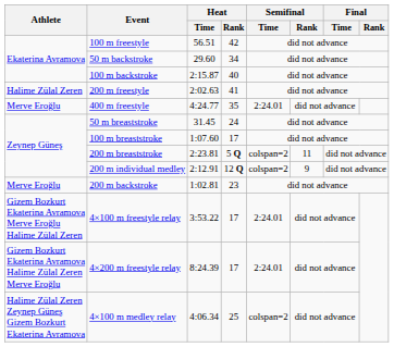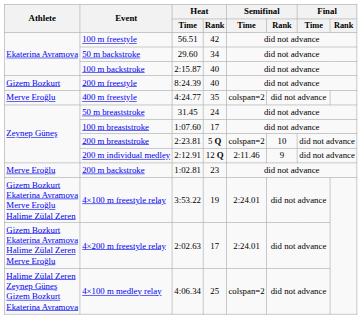 <table class=wikitable style="font-size:90%">
 <tr>
 <th rowspan="2">Athlete</th>
 <th rowspan="2">Event</th>
 <th colspan="2">Heat</th>
 <th colspan="2">Semifinal</th>
 <th colspan="2">Final</th>
 </tr>
 <tr style="font-size:95%">
 <th>Time</th>
 <th>Rank</th>
 <th>Time</th>
 <th>Rank</th>
 <th>Time</th>
 <th>Rank</th>
 </tr>
 <tr align=center>
 <td align=left rowspan=3><a href='#'>Ekaterina Avramova</a></td>
 <td align=left><a href='#'>100 m freestyle</a></td>
 <td>56.51</td>
 <td>42</td>
 <td colspan=4>did not advance</td>
 </tr>
 <tr align=center>
 <td align=left><a href='#'>50 m backstroke</a></td>
 <td>29.60</td>
 <td>34</td>
 <td colspan=4>did not advance</td>
 </tr>
 <tr align=center>
 <td align=left><a href='#'>100 m backstroke</a></td>
 <td>2:15.87</td>
 <td>40</td>
 <td colspan=4>did not advance</td>
 </tr>
 <tr align=center>
-<td align=left><a href='#'>Halime Zülal Zeren</a></td>
+<td align=left><a href='#'>Gizem Bozkurt</a></td>
 <td align=left><a href='#'>200 m freestyle</a></td>
-<td>2:02.63</td>
-<td>41</td>
+<td>8:24.39</td>
+<td>40</td>
 <td colspan=4>did not advance</td>
 </tr>
 <tr align=center>
 <td align=left><a href='#'>Merve Eroğlu</a></td>
 <td align=left><a href='#'>400 m freestyle</a></td>
 <td>4:24.77</td>
 <td>35</td>
-<td>2:24.01</td>
+<td>colspan=2 </td>
 <td colspan=2>did not advance</td>
 </tr>
 <tr align=center>
 <td align=left rowspan=4><a href='#'>Zeynep Güneş</a></td>
 <td align=left><a href='#'>50 m breaststroke</a></td>
 <td>31.45</td>
 <td>24</td>
 <td colspan=4>did not advance</td>
 </tr>
 <tr align=center>
 <td align=left><a href='#'>100 m breaststroke</a></td>
 <td>1:07.60</td>
 <td>17</td>
 <td colspan=4>did not advance</td>
 </tr>
 <tr align=center>
 <td align=left><a href='#'>200 m breaststroke</a></td>
 <td>2:23.81</td>
 <td>5 <strong>Q</strong></td>
 <td>colspan=2 </td>
-<td>11</td>
+<td>10</td>
 <td colspan=2>did not advance</td>
 </tr>
 <tr align=center>
 <td align=left><a href='#'>200 m individual medley</a></td>
 <td>2:12.91</td>
 <td>12 <strong>Q</strong></td>
-<td>colspan=2 </td>
+<td>2:11.46</td>
 <td>9</td>
 <td colspan=2>did not advance</td>
 </tr>
 <tr align=center>
 <td align=left><a href='#'>Merve Eroğlu</a></td>
 <td align=left><a href='#'>200 m backstroke</a></td>
 <td>1:02.81</td>
 <td>23</td>
 <td colspan=4>did not advance</td>
 </tr>
 <tr align=center>
 <td align=left><a href='#'>Gizem Bozkurt</a><br><a href='#'>Ekaterina Avramova</a><br><a href='#'>Merve Eroğlu</a><br><a href='#'>Halime Zülal Zeren</a></td>
 <td align=left><a href='#'>4×100 m freestyle relay</a></td>
 <td>3:53.22</td>
-<td>17</td>
+<td>19</td>
 <td>2:24.01</td>
 <td colspan=2>did not advance</td>
 </tr>
 <tr align=center>
 <td align=left><a href='#'>Gizem Bozkurt</a><br><a href='#'>Ekaterina Avramova</a><br><a href='#'>Halime Zülal Zeren</a><br><a href='#'>Merve Eroğlu</a></td>
 <td align=left><a href='#'>4×200 m freestyle relay</a></td>
-<td>8:24.39</td>
+<td>2:02.63</td>
 <td>17</td>
 <td>2:24.01</td>
 <td colspan=2>did not advance</td>
 </tr>
 <tr align=center>
 <td align=left><a href='#'>Halime Zülal Zeren</a><br><a href='#'>Zeynep Güneş</a><br><a href='#'>Gizem Bozkurt</a><br><a href='#'>Ekaterina Avramova</a></td>
 <td align=left><a href='#'>4×100 m medley relay</a></td>
 <td>4:06.34</td>
 <td>25</td>
 <td>colspan=2 </td>
 <td colspan=2>did not advance</td>
 </tr>
 </table>
